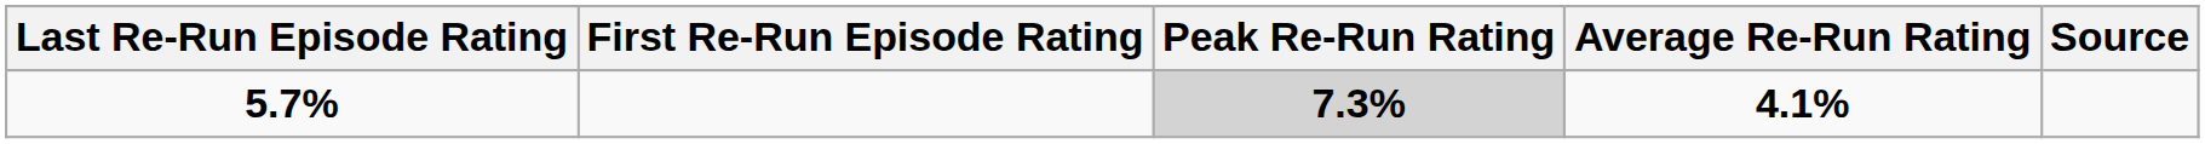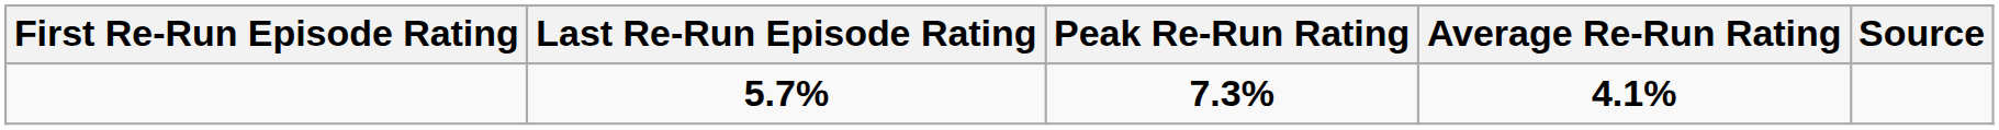 <table class="wikitable" style="text-align:center;">
 <tr>
+<th>First Re-Run Episode Rating</th>
 <th>Last Re-Run Episode Rating</th>
-<th>First Re-Run Episode Rating</th>
 <th>Peak Re-Run Rating</th>
 <th>Average Re-Run Rating</th>
 <th>Source</th>
 </tr>
 <tr>
+<td></td>
 <td><strong>5.7%</strong><br><small></small></td>
-<td></td>
-<td style="background: lightgrey;"><strong>7.3%</strong><br><small></small></td>
+<td><strong>7.3%</strong><br><small></small></td>
 <td><strong>4.1%</strong></td>
 <td></td>
 </tr>
 </table>
